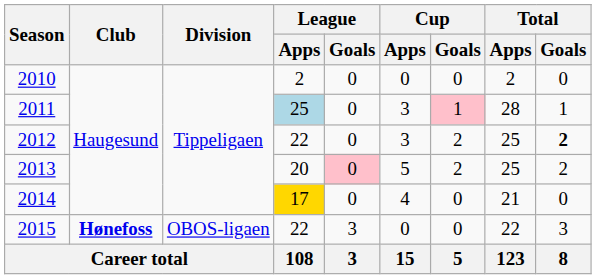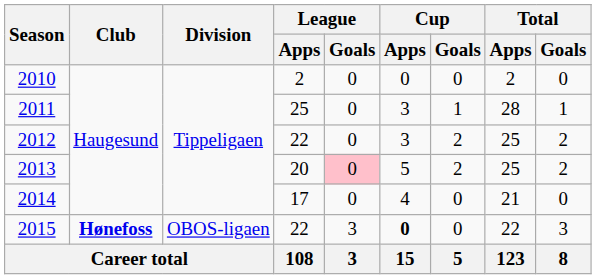 <table class="wikitable" style="text-align: center;">
 <tr>
 <th rowspan="2">Season</th>
 <th rowspan="2">Club</th>
 <th rowspan="2">Division</th>
 <th colspan="2">League</th>
 <th colspan="2">Cup</th>
 <th colspan="2">Total</th>
 </tr>
 <tr>
 <th>Apps</th>
 <th>Goals</th>
 <th>Apps</th>
 <th>Goals</th>
 <th>Apps</th>
 <th>Goals</th>
 </tr>
 <tr>
 <td><a href='#'>2010</a></td>
 <td rowspan="5" valign="center"><a href='#'>Haugesund</a></td>
 <td rowspan="5" valign="center"><a href='#'>Tippeligaen</a></td>
 <td>2</td>
 <td>0</td>
 <td>0</td>
 <td>0</td>
 <td>2</td>
 <td>0</td>
 </tr>
 <tr>
 <td><a href='#'>2011</a></td>
-<td style="background: lightblue;">25</td>
+<td>25</td>
 <td>0</td>
 <td>3</td>
-<td style="background: pink;">1</td>
+<td>1</td>
 <td>28</td>
 <td>1</td>
 </tr>
 <tr>
 <td><a href='#'>2012</a></td>
 <td>22</td>
 <td>0</td>
 <td>3</td>
 <td>2</td>
 <td>25</td>
-<td><strong>2</strong></td>
+<td>2</td>
 </tr>
 <tr>
 <td><a href='#'>2013</a></td>
 <td>20</td>
 <td style="background: pink;">0</td>
 <td>5</td>
 <td>2</td>
 <td>25</td>
 <td>2</td>
 </tr>
 <tr>
 <td><a href='#'>2014</a></td>
-<td style="background: gold;">17</td>
+<td>17</td>
 <td>0</td>
 <td>4</td>
 <td>0</td>
 <td>21</td>
 <td>0</td>
 </tr>
 <tr>
 <td><a href='#'>2015</a></td>
 <td rowspan="1" valign="center"><strong><a href='#'>Hønefoss</a></strong></td>
 <td rowspan="1" valign="center"><a href='#'>OBOS-ligaen</a></td>
 <td>22</td>
 <td>3</td>
-<td>0</td>
+<td><strong>0</strong></td>
 <td>0</td>
 <td>22</td>
 <td>3</td>
 </tr>
 <tr>
 <th colspan="3">Career total</th>
 <th>108</th>
 <th>3</th>
 <th>15</th>
 <th>5</th>
 <th>123</th>
 <th>8</th>
 </tr>
 </table>
